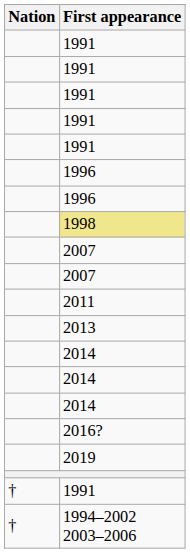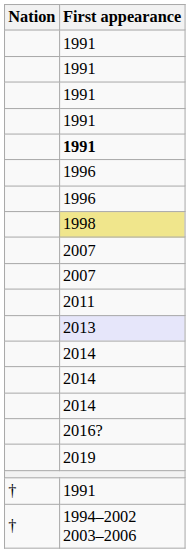 <table class=wikitable>
 <tr>
 <th>Nation</th>
 <th>First appearance</th>
 </tr>
 <tr>
 <td></td>
 <td>1991</td>
 </tr>
 <tr>
 <td></td>
 <td>1991</td>
 </tr>
 <tr>
 <td></td>
 <td>1991</td>
 </tr>
 <tr>
 <td></td>
 <td>1991</td>
 </tr>
 <tr>
 <td></td>
-<td>1991</td>
+<td><strong>1991</strong></td>
 </tr>
 <tr>
 <td></td>
 <td>1996</td>
 </tr>
 <tr>
 <td></td>
 <td>1996</td>
 </tr>
 <tr>
 <td></td>
 <td style="background: khaki;">1998</td>
 </tr>
 <tr>
 <td></td>
 <td>2007</td>
 </tr>
 <tr>
 <td></td>
 <td>2007</td>
 </tr>
 <tr>
 <td></td>
 <td>2011</td>
 </tr>
 <tr>
 <td></td>
-<td>2013</td>
+<td style="background: lavender;">2013</td>
 </tr>
 <tr>
 <td></td>
 <td>2014</td>
 </tr>
 <tr>
 <td></td>
 <td>2014</td>
 </tr>
 <tr>
 <td></td>
 <td>2014</td>
 </tr>
 <tr>
 <td></td>
 <td>2016?</td>
 </tr>
 <tr>
 <td></td>
 <td>2019</td>
 </tr>
 <tr>
 <th colspan=2></th>
 </tr>
 <tr>
 <td><em></em>†</td>
 <td>1991</td>
 </tr>
 <tr>
 <td><em></em>†</td>
 <td>1994–2002<br>2003–2006</td>
 </tr>
 </table>
